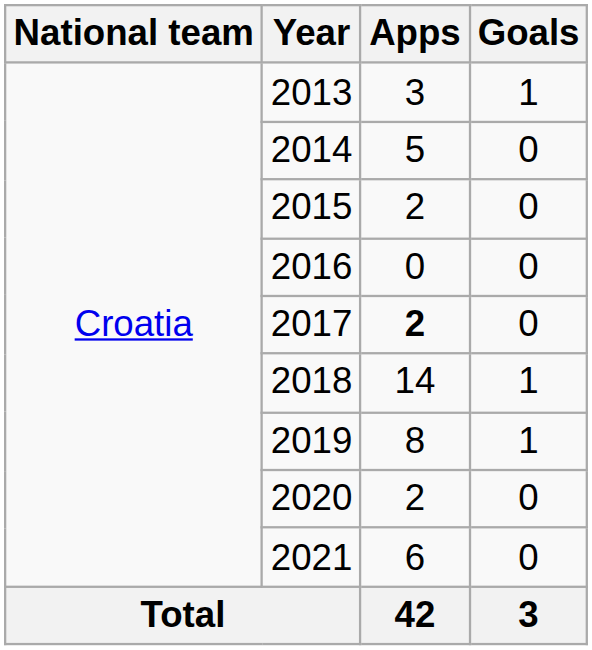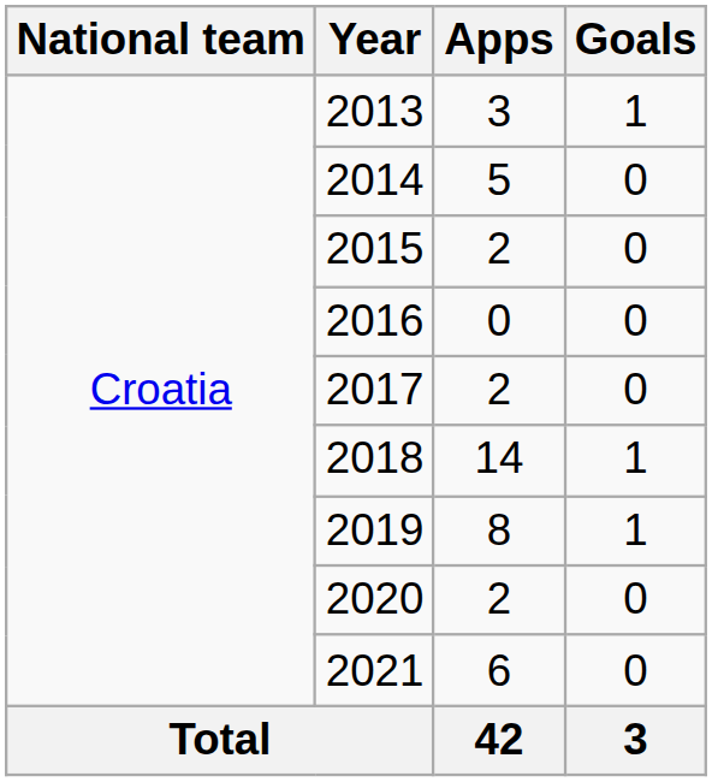 <table class="wikitable" style="text-align:center">
 <tr>
 <th>National team</th>
 <th>Year</th>
 <th>Apps</th>
 <th>Goals</th>
 </tr>
 <tr>
 <td rowspan=9><a href='#'>Croatia</a></td>
 <td>2013</td>
 <td>3</td>
 <td>1</td>
 </tr>
 <tr>
 <td>2014</td>
 <td>5</td>
 <td>0</td>
 </tr>
 <tr>
 <td>2015</td>
 <td>2</td>
 <td>0</td>
 </tr>
 <tr>
 <td>2016</td>
 <td>0</td>
 <td>0</td>
 </tr>
 <tr>
 <td>2017</td>
-<td><strong>2</strong></td>
+<td>2</td>
 <td>0</td>
 </tr>
 <tr>
 <td>2018</td>
 <td>14</td>
 <td>1</td>
 </tr>
 <tr>
 <td>2019</td>
 <td>8</td>
 <td>1</td>
 </tr>
 <tr>
 <td>2020</td>
 <td>2</td>
 <td>0</td>
 </tr>
 <tr>
 <td>2021</td>
 <td>6</td>
 <td>0</td>
 </tr>
 <tr>
 <th colspan="2">Total</th>
 <th>42</th>
 <th>3</th>
 </tr>
 </table>
